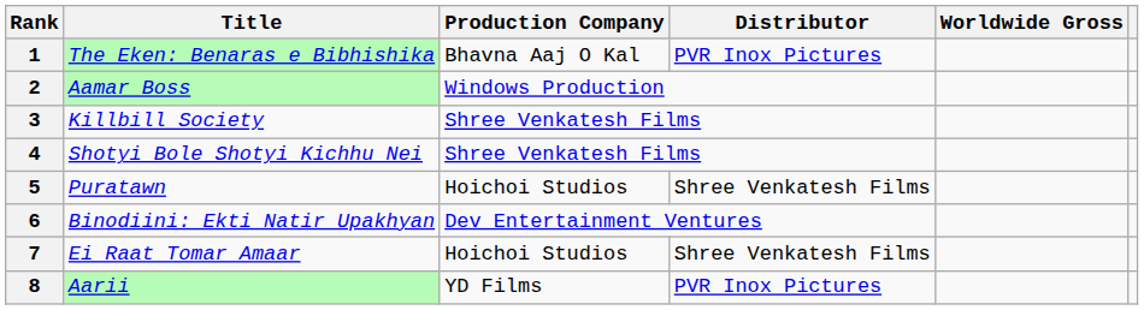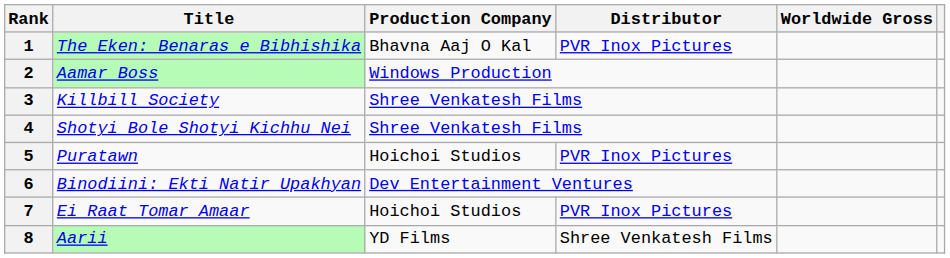 <table class="wikitable sortable" style="margin:auto; margin:auto;">
 <tr>
 <th>Rank</th>
 <th>Title</th>
 <th>Production Company</th>
 <th>Distributor</th>
 <th>Worldwide Gross</th>
 <th scope="col" class="unsortable"></th>
 </tr>
 <tr>
 <th style="text-align: center;">1</th>
 <td style="text-align:left; background:#b6fcb6;"><em><a href='#'>The Eken: Benaras e Bibhishika</a></em></td>
 <td>Bhavna Aaj O Kal</td>
 <td><a href='#'>PVR Inox Pictures</a></td>
 <td></td>
 <td style="text-align: center;"></td>
 </tr>
 <tr>
 <th style="text-align:center;">2</th>
 <td style="text-align:left; background:#b6fcb6;"><em><a href='#'>Aamar Boss</a></em></td>
 <td colspan="2"><a href='#'>Windows Production</a></td>
 <td></td>
 <td style="text-align:center;"></td>
 </tr>
 <tr>
 <th style="text-align:center;">3</th>
 <td style="text-align:left;"><em><a href='#'>Killbill Society</a></em></td>
 <td colspan="2"><a href='#'>Shree Venkatesh Films</a></td>
 <td></td>
 <td style="text-align:center;"></td>
 </tr>
 <tr>
 <th style="text-align:center;">4</th>
 <td style="text-align:left;"><em><a href='#'>Shotyi Bole Shotyi Kichhu Nei</a></em></td>
 <td colspan="2"><a href='#'>Shree Venkatesh Films</a></td>
 <td></td>
 <td style="text-align:center;"></td>
 </tr>
 <tr>
 <th style="text-align:center;">5</th>
 <td style="text-align:left;"><em><a href='#'>Puratawn</a></em></td>
 <td>Hoichoi Studios</td>
-<td>Shree Venkatesh Films</td>
+<td><a href='#'>PVR Inox Pictures</a></td>
 <td></td>
 <td style="text-align:center;"></td>
 </tr>
 <tr>
 <th style="text-align:center;">6</th>
 <td style="text-align:left;"><em><a href='#'>Binodiini: Ekti Natir Upakhyan</a></em></td>
 <td colspan="2"><a href='#'>Dev Entertainment Ventures</a></td>
 <td></td>
 <td style="text-align:center;"></td>
 </tr>
 <tr>
 <th style="text-align:center;">7</th>
 <td style="text-align:left;"><em><a href='#'>Ei Raat Tomar Amaar</a></em></td>
 <td>Hoichoi Studios</td>
-<td>Shree Venkatesh Films</td>
+<td><a href='#'>PVR Inox Pictures</a></td>
 <td></td>
 <td style="text-align:center;"></td>
 </tr>
 <tr>
 <th style="text-align: center;">8</th>
 <td style="text-align:left; background:#b6fcb6;"><em><a href='#'>Aarii</a></em></td>
 <td>YD Films</td>
-<td><a href='#'>PVR Inox Pictures</a></td>
+<td>Shree Venkatesh Films</td>
 <td></td>
 <td style="text-align: center;"></td>
 </tr>
 </table>
